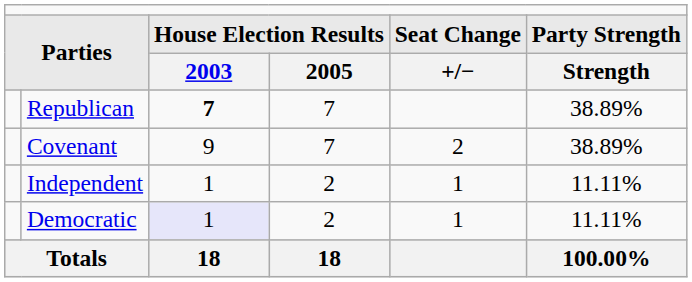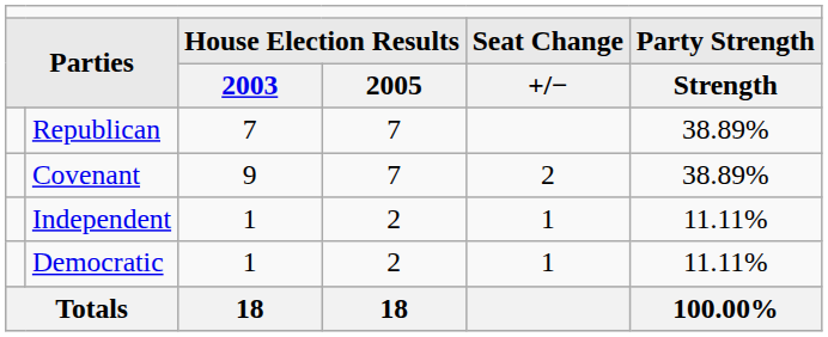 <table class   ="wikitable">
 <tr>
 <td colspan="6"></td>
 </tr>
 <tr>
 <th style   ="background:#e9e9e9; text-align:center" rowspan="2" colspan="2">Parties</th>
 <th style   ="background:#e9e9e9; text-align:center" colspan="2">House Election Results</th>
 <th style   ="background:#e9e9e9; text-align:center" colspan="1">Seat Change</th>
 <th style   ="background:#e9e9e9; text-align:center" colspan="1">Party Strength</th>
 </tr>
 <tr style ="background:#e9e9e9">
 <th><a href='#'>2003</a></th>
 <th>2005</th>
 <th>+/−</th>
 <th>Strength</th>
 </tr>
 <tr>
 <td style="background-color:"> </td>
 <td><a href='#'>Republican</a></td>
-<td align = center><strong>7</strong></td>
+<td align = center>7</td>
 <td align = center>7</td>
 <td align = center></td>
 <td align = center>38.89%</td>
 </tr>
 <tr>
 <td style="background-color:"> </td>
 <td><a href='#'>Covenant</a></td>
 <td align = center>9</td>
 <td align = center>7</td>
 <td align = center>2 </td>
 <td align = center>38.89%</td>
 </tr>
 <tr>
 <td style="background-color:"> </td>
 <td><a href='#'>Independent</a></td>
 <td align = center>1</td>
 <td align = center>2</td>
 <td align = center>1 </td>
 <td align = center>11.11%</td>
 </tr>
 <tr>
 <td style="background-color:"> </td>
 <td><a href='#'>Democratic</a></td>
-<td align = center style="background: lavender;">1</td>
+<td align = center>1</td>
 <td align = center>2</td>
 <td align = center>1 </td>
 <td align = center>11.11%</td>
 </tr>
 <tr style = "background:#ccc">
 <th colspan = "2">Totals</th>
 <th>18</th>
 <th>18</th>
 <th></th>
 <th>100.00%</th>
 </tr>
 </table>
